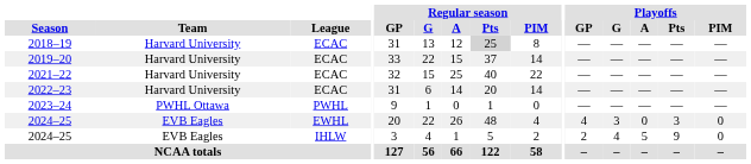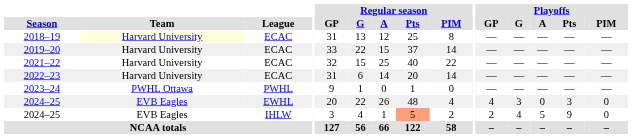 <table border="0" cellpadding="1" cellspacing="0" style="text-align:center; width:60em">
 <tr bgcolor="#e0e0e0">
 <th colspan="3" bgcolor="#ffffff"></th>
 <th rowspan="97" bgcolor="#ffffff"></th>
 <th colspan="5"><a href='#'>Regular season</a></th>
 <th rowspan="97" bgcolor="#ffffff"></th>
 <th colspan="5"><a href='#'>Playoffs</a></th>
 </tr>
 <tr bgcolor="#e0e0e0">
 <th><a href='#'>Season</a></th>
 <th>Team</th>
 <th>League</th>
 <th>GP</th>
 <th><a href='#'>G</a></th>
 <th><a href='#'>A</a></th>
 <th><a href='#'>Pts</a></th>
 <th><a href='#'>PIM</a></th>
 <th>GP</th>
 <th>G</th>
 <th>A</th>
 <th>Pts</th>
 <th>PIM</th>
 </tr>
 <tr>
 <td><a href='#'>2018–19</a></td>
-<td><a href='#'>Harvard University</a></td>
+<td style="background: lightyellow;"><a href='#'>Harvard University</a></td>
 <td><a href='#'>ECAC</a></td>
 <td>31</td>
 <td>13</td>
 <td>12</td>
-<td style="background: lightgrey;">25</td>
+<td>25</td>
 <td>8</td>
 <td>—</td>
 <td>—</td>
 <td>—</td>
 <td>—</td>
 <td>—</td>
 </tr>
 <tr bgcolor="#f0f0f0">
 <td><a href='#'>2019–20</a></td>
 <td>Harvard University</td>
 <td>ECAC</td>
 <td>33</td>
 <td>22</td>
 <td>15</td>
 <td>37</td>
 <td>14</td>
 <td>—</td>
 <td>—</td>
 <td>—</td>
 <td>—</td>
 <td>—</td>
 </tr>
 <tr>
 <td><a href='#'>2021–22</a></td>
 <td>Harvard University</td>
 <td>ECAC</td>
 <td>32</td>
 <td>15</td>
 <td>25</td>
 <td>40</td>
 <td>22</td>
 <td>—</td>
 <td>—</td>
 <td>—</td>
 <td>—</td>
 <td>—</td>
 </tr>
 <tr bgcolor="#f0f0f0">
 <td><a href='#'>2022–23</a></td>
 <td>Harvard University</td>
 <td>ECAC</td>
 <td>31</td>
 <td>6</td>
 <td>14</td>
 <td>20</td>
 <td>14</td>
 <td>—</td>
 <td>—</td>
 <td>—</td>
 <td>—</td>
 <td>—</td>
 </tr>
 <tr>
 <td><a href='#'>2023–24</a></td>
 <td><a href='#'>PWHL Ottawa</a></td>
 <td><a href='#'>PWHL</a></td>
 <td>9</td>
 <td>1</td>
 <td>0</td>
 <td>1</td>
 <td>0</td>
 <td>—</td>
 <td>—</td>
 <td>—</td>
 <td>—</td>
 <td>—</td>
 </tr>
 <tr bgcolor="#f0f0f0">
 <td><a href='#'>2024–25</a></td>
 <td><a href='#'>EVB Eagles</a></td>
 <td><a href='#'>EWHL</a></td>
 <td>20</td>
 <td>22</td>
 <td>26</td>
 <td>48</td>
 <td>4</td>
 <td>4</td>
 <td>3</td>
 <td>0</td>
 <td>3</td>
 <td>0</td>
 </tr>
 <tr>
 <td>2024–25</td>
 <td>EVB Eagles</td>
 <td><a href='#'>IHLW</a></td>
 <td>3</td>
 <td>4</td>
 <td>1</td>
-<td>5</td>
+<td style="background: lightsalmon;">5</td>
 <td>2</td>
 <td>2</td>
 <td>4</td>
 <td>5</td>
 <td>9</td>
 <td>0</td>
 </tr>
 <tr bgcolor="#e0e0e0">
 <th colspan="3">NCAA totals</th>
 <th>127</th>
 <th>56</th>
 <th>66</th>
 <th>122</th>
 <th>58</th>
 <th>–</th>
 <th>–</th>
 <th>–</th>
 <th>–</th>
 <th>–</th>
 </tr>
 </table>
